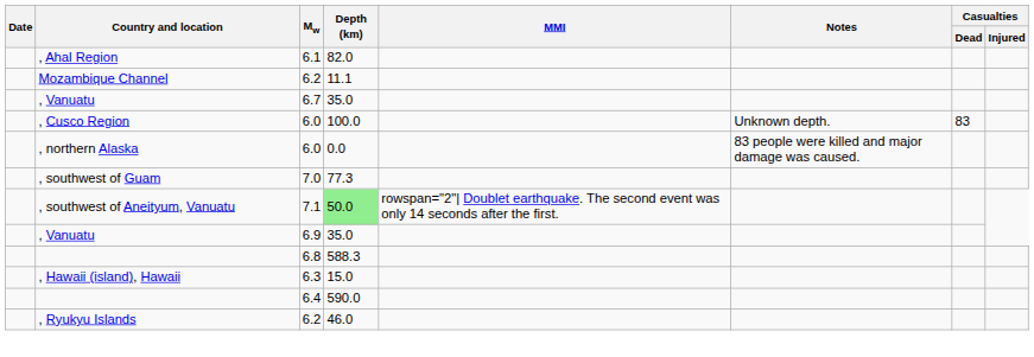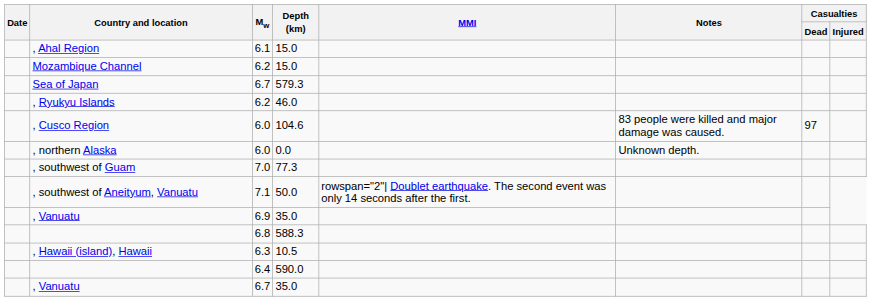 <table class="wikitable sortable sort-under" style="border:1px black; margin-left:1em;">
 <tr>
 <th rowspan="2"><small>Date</small></th>
 <th rowspan="2" style="width: 310px"><small>Country and location</small></th>
 <th rowspan="2"><small>M<sub>w</sub></small></th>
 <th rowspan="2"><small>Depth (km)</small></th>
 <th rowspan="2"><small><a href='#'>MMI</a></small></th>
 <th rowspan="2" class="unsortable"><small>Notes</small></th>
 <th colspan="2"><small>Casualties</small></th>
 </tr>
 <tr>
 <th><small>Dead</small></th>
 <th><small>Injured</small></th>
 </tr>
 <tr>
 <td></td>
 <td>, <a href='#'>Ahal Region</a></td>
 <td>6.1</td>
-<td>82.0</td>
+<td>15.0</td>
 <td></td>
 <td></td>
 <td></td>
 <td></td>
 </tr>
 <tr>
 <td></td>
 <td><a href='#'>Mozambique Channel</a></td>
 <td>6.2</td>
-<td>11.1</td>
+<td>15.0</td>
 <td></td>
 <td></td>
 <td></td>
 <td></td>
 </tr>
 <tr>
 <td></td>
-<td>, <a href='#'>Vanuatu</a></td>
+<td><a href='#'>Sea of Japan</a></td>
 <td>6.7</td>
-<td>35.0</td>
+<td>579.3</td>
+<td></td>
+<td></td>
+<td></td>
+<td></td>
+</tr>
+<tr>
+<td></td>
+<td>, <a href='#'>Ryukyu Islands</a></td>
+<td>6.2</td>
+<td>46.0</td>
 <td></td>
 <td></td>
 <td></td>
 <td></td>
 </tr>
 <tr>
 <td></td>
 <td>, <a href='#'>Cusco Region</a></td>
 <td>6.0</td>
-<td>100.0</td>
+<td>104.6</td>
 <td></td>
-<td>Unknown depth.</td>
-<td>83</td>
+<td>83 people were killed and major damage was caused.</td>
+<td>97</td>
 <td></td>
 </tr>
 <tr>
 <td></td>
 <td>, northern <a href='#'>Alaska</a></td>
 <td>6.0</td>
 <td>0.0</td>
 <td></td>
-<td>83 people were killed and major damage was caused.</td>
+<td>Unknown depth.</td>
 <td></td>
 <td></td>
 </tr>
 <tr>
 <td></td>
 <td>, southwest of <a href='#'>Guam</a></td>
 <td>7.0</td>
 <td>77.3</td>
 <td></td>
 <td></td>
 <td></td>
 <td></td>
 </tr>
 <tr>
 <td></td>
 <td>, southwest of <a href='#'>Aneityum</a>, <a href='#'>Vanuatu</a></td>
 <td>7.1</td>
-<td style="background: lightgreen;">50.0</td>
+<td>50.0</td>
 <td>rowspan="2"| <a href='#'>Doublet earthquake</a>. The second event was only 14 seconds after the first.</td>
 <td></td>
 <td></td>
 </tr>
 <tr>
 <td></td>
 <td>, <a href='#'>Vanuatu</a></td>
 <td>6.9</td>
 <td>35.0</td>
 <td></td>
 <td></td>
 <td></td>
 </tr>
 <tr>
 <td></td>
 <td></td>
 <td>6.8</td>
 <td>588.3</td>
 <td></td>
 <td></td>
 <td></td>
 <td></td>
 </tr>
 <tr>
 <td></td>
 <td>, <a href='#'>Hawaii (island)</a>, <a href='#'>Hawaii</a></td>
 <td>6.3</td>
-<td>15.0</td>
+<td>10.5</td>
 <td></td>
 <td></td>
 <td></td>
 <td></td>
 </tr>
 <tr>
 <td></td>
 <td></td>
 <td>6.4</td>
 <td>590.0</td>
 <td></td>
 <td></td>
 <td></td>
 <td></td>
 </tr>
 <tr>
 <td></td>
-<td>, <a href='#'>Ryukyu Islands</a></td>
-<td>6.2</td>
-<td>46.0</td>
+<td>, <a href='#'>Vanuatu</a></td>
+<td>6.7</td>
+<td>35.0</td>
 <td></td>
 <td></td>
 <td></td>
 <td></td>
 </tr>
 </table>
